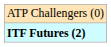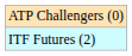 <table class="wikitable">
 <tr style="background:moccasin;">
 <td>ATP Challengers (0)</td>
 </tr>
 <tr style="background:#cffcff;">
-<td><strong>ITF Futures (2)</strong></td>
+<td>ITF Futures (2)</td>
 </tr>
 </table>
